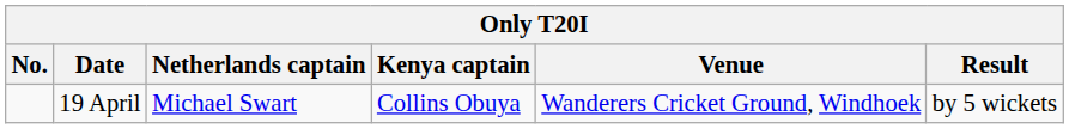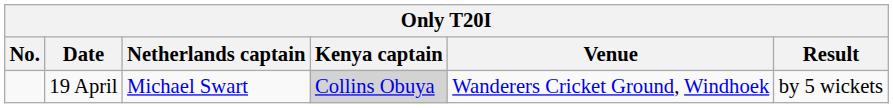 <table class="wikitable">
 <tr>
 <th colspan="6">Only T20I</th>
 </tr>
 <tr>
 <th>No.</th>
 <th>Date</th>
 <th>Netherlands captain</th>
 <th>Kenya captain</th>
 <th>Venue</th>
 <th>Result</th>
 </tr>
 <tr>
 <td></td>
 <td>19 April</td>
 <td><a href='#'>Michael Swart</a></td>
-<td><a href='#'>Collins Obuya</a></td>
+<td style="background: lightgrey;"><a href='#'>Collins Obuya</a></td>
 <td><a href='#'>Wanderers Cricket Ground</a>, <a href='#'>Windhoek</a></td>
 <td> by 5 wickets</td>
 </tr>
 </table>
